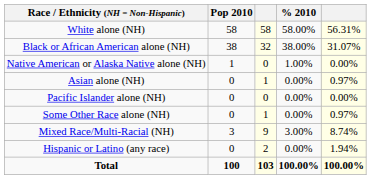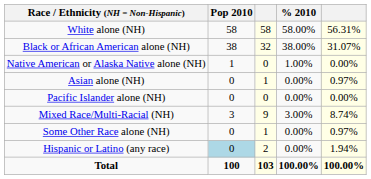 <table class="wikitable" style="text-align:center;">
 <tr>
 <th>Race / Ethnicity <small>(<em>NH = Non-Hispanic</em>)</small></th>
 <th>Pop 2010</th>
 <th></th>
 <th>% 2010</th>
 <th></th>
 </tr>
 <tr>
 <td><a href='#'>White</a> alone (NH)</td>
 <td>58</td>
 <td style='background: #ffffe6;'>58</td>
 <td>58.00%</td>
 <td style='background: #ffffe6;'>56.31%</td>
 </tr>
 <tr>
 <td><a href='#'>Black or African American</a> alone (NH)</td>
 <td>38</td>
 <td style='background: #ffffe6;'>32</td>
 <td>38.00%</td>
 <td style='background: #ffffe6;'>31.07%</td>
 </tr>
 <tr>
 <td><a href='#'>Native American</a> or <a href='#'>Alaska Native</a> alone (NH)</td>
 <td>1</td>
 <td style='background: #ffffe6;'>0</td>
 <td>1.00%</td>
 <td style='background: #ffffe6;'>0.00%</td>
 </tr>
 <tr>
 <td><a href='#'>Asian</a> alone (NH)</td>
 <td>0</td>
 <td style='background: #ffffe6;'>1</td>
 <td>0.00%</td>
 <td style='background: #ffffe6;'>0.97%</td>
 </tr>
 <tr>
 <td><a href='#'>Pacific Islander</a> alone (NH)</td>
 <td>0</td>
 <td style='background: #ffffe6;'>0</td>
 <td>0.00%</td>
 <td style='background: #ffffe6;'>0.00%</td>
 </tr>
 <tr>
+<td><a href='#'>Mixed Race/Multi-Racial</a> (NH)</td>
+<td>3</td>
+<td style='background: #ffffe6;'>9</td>
+<td>3.00%</td>
+<td style='background: #ffffe6;'>8.74%</td>
+</tr>
+<tr>
 <td><a href='#'>Some Other Race</a> alone (NH)</td>
 <td>0</td>
 <td style='background: #ffffe6;'>1</td>
 <td>0.00%</td>
 <td style='background: #ffffe6;'>0.97%</td>
 </tr>
 <tr>
-<td><a href='#'>Mixed Race/Multi-Racial</a> (NH)</td>
-<td>3</td>
-<td style='background: #ffffe6;'>9</td>
-<td>3.00%</td>
-<td style='background: #ffffe6;'>8.74%</td>
-</tr>
-<tr>
 <td><a href='#'>Hispanic or Latino</a> (any race)</td>
-<td>0</td>
+<td style="background: lightblue;">0</td>
 <td style='background: #ffffe6;'>2</td>
 <td>0.00%</td>
 <td style='background: #ffffe6;'>1.94%</td>
 </tr>
 <tr>
 <td><strong>Total</strong></td>
 <td><strong>100</strong></td>
 <td style='background: #ffffe6;'><strong>103</strong></td>
 <td><strong>100.00%</strong></td>
 <td style='background: #ffffe6;'><strong>100.00%</strong></td>
 </tr>
 </table>
